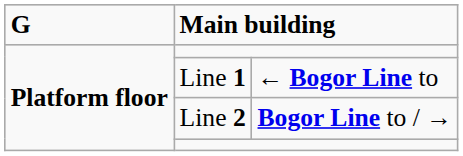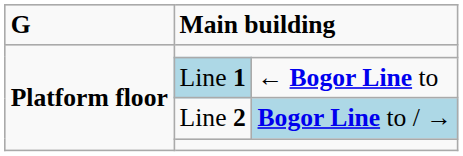 <table class="wikitable">
 <tr>
 <td><strong>G</strong></td>
 <td colspan="2"><strong>Main building</strong></td>
 </tr>
 <tr>
 <td rowspan="4"><strong>Platform floor</strong></td>
 <td colspan="2"></td>
 </tr>
 <tr>
-<td>Line <strong>1</strong></td>
+<td style="background: lightblue;">Line <strong>1</strong></td>
 <td>←   <strong><a href='#'>Bogor Line</a></strong> to </td>
 </tr>
 <tr>
 <td>Line <strong>2</strong></td>
-<td> <strong><a href='#'>Bogor Line</a></strong> to /  →</td>
+<td style="background: lightblue;"> <strong><a href='#'>Bogor Line</a></strong> to /  →</td>
 </tr>
 <tr>
 <td colspan="2"></td>
 </tr>
 </table>
